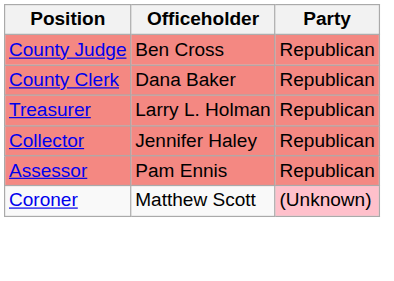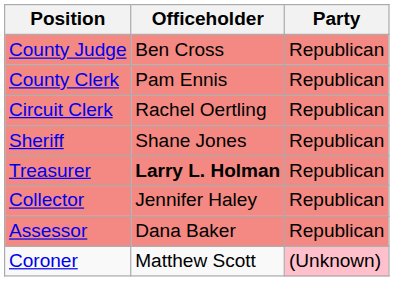 <table class="wikitable">
 <tr>
 <th>Position</th>
 <th>Officeholder</th>
 <th>Party</th>
 </tr>
 <tr style="background-color:#F48882;">
 <td><a href='#'>County Judge</a></td>
 <td>Ben Cross</td>
 <td>Republican</td>
 </tr>
 <tr style="background-color:#F48882;">
 <td><a href='#'>County Clerk</a></td>
-<td>Dana Baker</td>
+<td>Pam Ennis</td>
+<td>Republican</td>
+</tr>
+<tr style="background-color:#F48882;">
+<td><a href='#'>Circuit Clerk</a></td>
+<td>Rachel Oertling</td>
+<td>Republican</td>
+</tr>
+<tr style="background-color:#F48882;">
+<td><a href='#'>Sheriff</a></td>
+<td>Shane Jones</td>
 <td>Republican</td>
 </tr>
 <tr style="background-color:#F48882;">
 <td><a href='#'>Treasurer</a></td>
-<td>Larry L. Holman</td>
+<td><strong>Larry L. Holman</strong></td>
 <td>Republican</td>
 </tr>
 <tr style="background-color:#F48882;">
 <td><a href='#'>Collector</a></td>
 <td>Jennifer Haley</td>
 <td>Republican</td>
 </tr>
 <tr style="background-color:#F48882;">
 <td><a href='#'>Assessor</a></td>
-<td>Pam Ennis</td>
+<td>Dana Baker</td>
 <td>Republican</td>
 </tr>
 <tr>
 <td><a href='#'>Coroner</a></td>
 <td>Matthew Scott</td>
 <td style="background: pink;">(Unknown)</td>
 </tr>
 </table>
